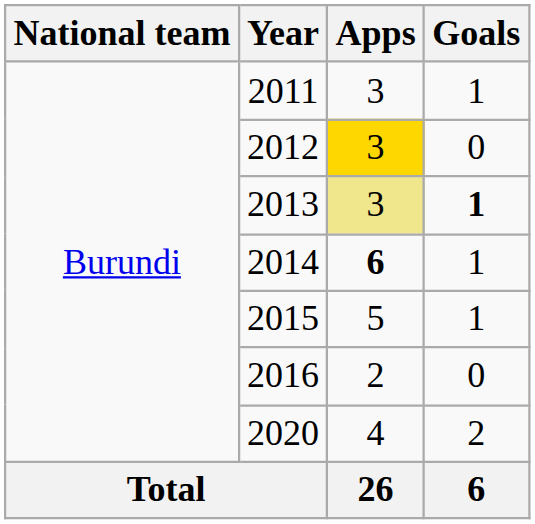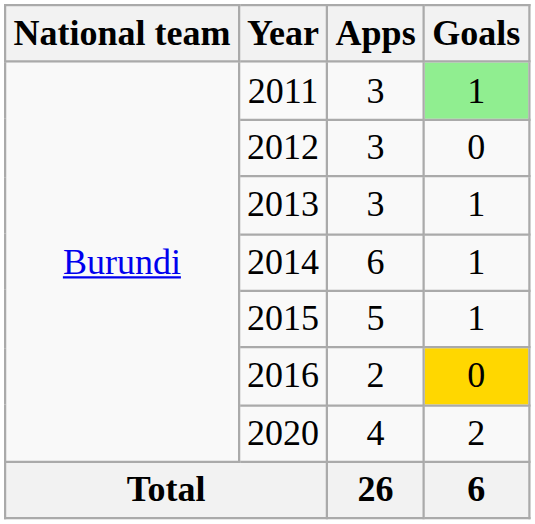 <table class="wikitable" style="text-align:center">
 <tr>
 <th>National team</th>
 <th>Year</th>
 <th>Apps</th>
 <th>Goals</th>
 </tr>
 <tr>
 <td rowspan="7"><a href='#'>Burundi</a></td>
 <td>2011</td>
 <td>3</td>
-<td>1</td>
+<td style="background: lightgreen;">1</td>
 </tr>
 <tr>
 <td>2012</td>
-<td style="background: gold;">3</td>
+<td>3</td>
 <td>0</td>
 </tr>
 <tr>
 <td>2013</td>
-<td style="background: khaki;">3</td>
-<td><strong>1</strong></td>
+<td>3</td>
+<td>1</td>
 </tr>
 <tr>
 <td>2014</td>
-<td><strong>6</strong></td>
+<td>6</td>
 <td>1</td>
 </tr>
 <tr>
 <td>2015</td>
 <td>5</td>
 <td>1</td>
 </tr>
 <tr>
 <td>2016</td>
 <td>2</td>
-<td>0</td>
+<td style="background: gold;">0</td>
 </tr>
 <tr>
 <td>2020</td>
 <td>4</td>
 <td>2</td>
 </tr>
 <tr>
 <th colspan="2">Total</th>
 <th>26</th>
 <th>6</th>
 </tr>
 </table>
